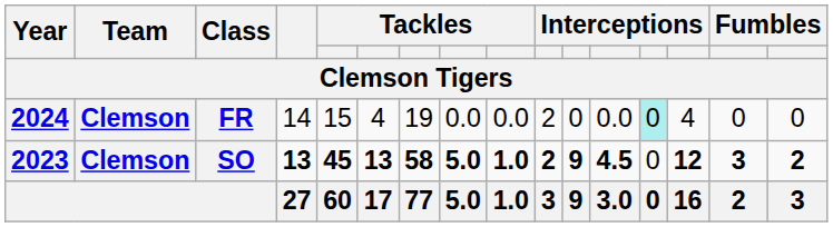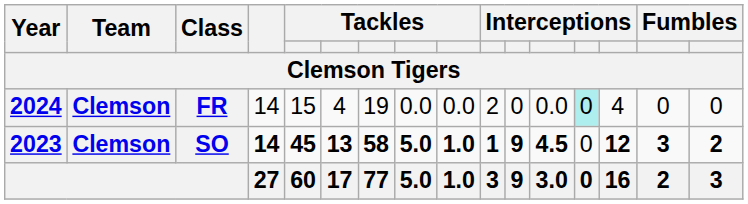 <table class="wikitable sortable" style="text-align:center;">
 <tr>
 <th rowspan="2">Year</th>
 <th rowspan="2">Team</th>
 <th rowspan="2">Class</th>
 <th rowspan="2"></th>
 <th colspan="5">Tackles</th>
 <th colspan="5">Interceptions</th>
 <th colspan="2">Fumbles</th>
 </tr>
 <tr>
 <th></th>
 <th></th>
 <th></th>
 <th></th>
 <th></th>
 <th></th>
 <th></th>
 <th></th>
 <th></th>
 <th></th>
 <th></th>
 <th></th>
 </tr>
 <tr>
 <th colspan="16">Clemson Tigers</th>
 </tr>
 <tr>
 <th><a href='#'>2024</a></th>
 <th><a href='#'>Clemson</a></th>
 <th><a href='#'>FR</a></th>
 <td>14</td>
 <td>15</td>
 <td>4</td>
 <td>19</td>
 <td>0.0</td>
 <td>0.0</td>
 <td>2</td>
 <td>0</td>
 <td>0.0</td>
 <td style="background: paleturquoise;">0</td>
 <td>4</td>
 <td>0</td>
 <td>0</td>
 </tr>
 <tr>
 <th><a href='#'>2023</a></th>
 <th><a href='#'>Clemson</a></th>
 <th><a href='#'>SO</a></th>
-<td><strong>13</strong></td>
+<td><strong>14</strong></td>
 <td><strong>45</strong></td>
 <td><strong>13</strong></td>
 <td><strong>58</strong></td>
 <td><strong>5.0</strong></td>
 <td><strong>1.0</strong></td>
-<td><strong>2</strong></td>
+<td><strong>1</strong></td>
 <td><strong>9</strong></td>
 <td><strong>4.5</strong></td>
 <td>0</td>
 <td><strong>12</strong></td>
 <td><strong>3</strong></td>
 <td><strong>2</strong></td>
 </tr>
 <tr>
 <th colspan="3"></th>
 <th>27</th>
 <th>60</th>
 <th>17</th>
 <th>77</th>
 <th>5.0</th>
 <th>1.0</th>
 <th>3</th>
 <th>9</th>
 <th>3.0</th>
 <th>0</th>
 <th>16</th>
 <th>2</th>
 <th>3</th>
 </tr>
 </table>
